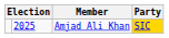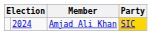 <table class="wikitable">
 <tr>
 <th colspan="2">Election</th>
 <th>Member</th>
 <th>Party</th>
 </tr>
 <tr>
 <td style="background-color: "></td>
-<td><a href='#'>2025</a></td>
+<td><a href='#'>2024</a></td>
 <td><a href='#'>Amjad Ali Khan</a></td>
 <td style="background: gold;"><a href='#'>SIC</a></td>
 </tr>
 </table>
